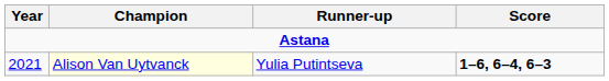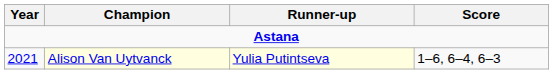 <table class="wikitable">
 <tr>
 <th style="width:40px">Year</th>
 <th style="width:210px">Champion</th>
 <th style="width:210px">Runner-up</th>
 <th style="width:150px" class="unsortable">Score</th>
 </tr>
 <tr>
 <td colspan=5 align=center><strong><a href='#'>Astana</a></strong></td>
 </tr>
 <tr>
 <td><a href='#'>2021</a></td>
 <td style="background: lightyellow;"> <a href='#'>Alison Van Uytvanck</a></td>
-<td> <a href='#'>Yulia Putintseva</a></td>
-<td><strong>1–6, 6–4, 6–3</strong></td>
+<td style="background: lightyellow;"> <a href='#'>Yulia Putintseva</a></td>
+<td>1–6, 6–4, 6–3</td>
 </tr>
 </table>
